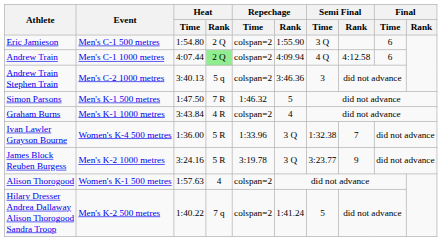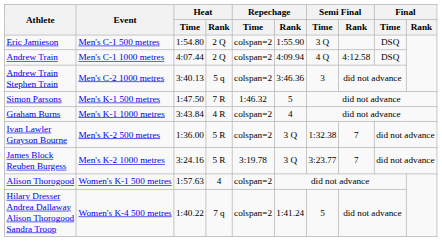 <table class=wikitable style="font-size:90%">
 <tr>
 <th rowspan="2">Athlete</th>
 <th rowspan="2">Event</th>
 <th colspan="2">Heat</th>
 <th colspan="2">Repechage</th>
 <th colspan="2">Semi Final</th>
 <th colspan="2">Final</th>
 </tr>
 <tr>
 <th>Time</th>
 <th>Rank</th>
 <th>Time</th>
 <th>Rank</th>
 <th>Time</th>
 <th>Rank</th>
 <th>Time</th>
 <th>Rank</th>
 </tr>
 <tr style="text-align:center">
 <td style="text-align:left"><a href='#'>Eric Jamieson</a></td>
 <td style="text-align:left"><a href='#'>Men's C-1 500 metres</a></td>
 <td>1:54.80</td>
 <td>2 Q</td>
 <td>colspan=2</td>
 <td>1:55.90</td>
 <td>3 Q</td>
 <td></td>
-<td>6</td>
+<td>DSQ</td>
 </tr>
 <tr style="text-align:center">
 <td style="text-align:left"><a href='#'>Andrew Train</a></td>
 <td style="text-align:left"><a href='#'>Men's C-1 1000 metres</a></td>
 <td>4:07.44</td>
-<td style="background: lightgreen;">2 Q</td>
+<td>2 Q</td>
 <td>colspan=2</td>
 <td>4:09.94</td>
 <td>4 Q</td>
 <td>4:12.58</td>
-<td>6</td>
+<td>DSQ</td>
 </tr>
 <tr style="text-align:center">
 <td style="text-align:left"><a href='#'>Andrew Train</a><br><a href='#'>Stephen Train</a></td>
 <td style="text-align:left"><a href='#'>Men's C-2 1000 metres</a></td>
 <td>3:40.13</td>
 <td>5 q</td>
 <td>colspan=2</td>
 <td>3:46.36</td>
 <td>3</td>
 <td colspan="2">did not advance</td>
 </tr>
 <tr style="text-align:center">
 <td style="text-align:left"><a href='#'>Simon Parsons</a></td>
 <td style="text-align:left"><a href='#'>Men's K-1 500 metres</a></td>
 <td>1:47.50</td>
 <td>7 R</td>
 <td>1:46.32</td>
 <td>5</td>
 <td colspan="4">did not advance</td>
 </tr>
 <tr style="text-align:center">
 <td style="text-align:left"><a href='#'>Graham Burns</a></td>
 <td style="text-align:left"><a href='#'>Men's K-1 1000 metres</a></td>
 <td>3:43.84</td>
 <td>4 R</td>
 <td>colspan=2</td>
 <td>4</td>
 <td colspan="4">did not advance</td>
 </tr>
 <tr style="text-align:center">
 <td style="text-align:left"><a href='#'>Ivan Lawler</a><br><a href='#'>Grayson Bourne</a></td>
-<td style="text-align:left"><a href='#'>Women's K-4 500 metres</a></td>
+<td style="text-align:left"><a href='#'>Men's K-2 500 metres</a></td>
 <td>1:36.00</td>
 <td>5 R</td>
-<td>1:33.96</td>
+<td>colspan=2</td>
 <td>3 Q</td>
 <td>1:32.38</td>
 <td>7</td>
 <td colspan="2">did not advance</td>
 </tr>
 <tr style="text-align:center">
 <td style="text-align:left"><a href='#'>James Block</a><br><a href='#'>Reuben Burgess</a></td>
 <td style="text-align:left"><a href='#'>Men's K-2 1000 metres</a></td>
 <td>3:24.16</td>
 <td>5 R</td>
 <td>3:19.78</td>
 <td>3 Q</td>
 <td>3:23.77</td>
-<td>9</td>
+<td>7</td>
 <td colspan="2">did not advance</td>
 </tr>
 <tr style="text-align:center">
 <td style="text-align:left"><a href='#'>Alison Thorogood</a></td>
 <td style="text-align:left"><a href='#'>Women's K-1 500 metres</a></td>
 <td>1:57.63</td>
 <td>4</td>
 <td>colspan=2</td>
 <td colspan="4">did not advance</td>
 </tr>
 <tr style="text-align:center">
 <td style="text-align:left"><a href='#'>Hilary Dresser</a><br><a href='#'>Andrea Dallaway</a><br><a href='#'>Alison Thorogood</a><br><a href='#'>Sandra Troop</a></td>
-<td style="text-align:left"><a href='#'>Men's K-2 500 metres</a></td>
+<td style="text-align:left"><a href='#'>Women's K-4 500 metres</a></td>
 <td>1:40.22</td>
 <td>7 q</td>
 <td>colspan=2</td>
 <td>1:41.24</td>
 <td>5</td>
 <td colspan="2">did not advance</td>
 </tr>
 </table>
